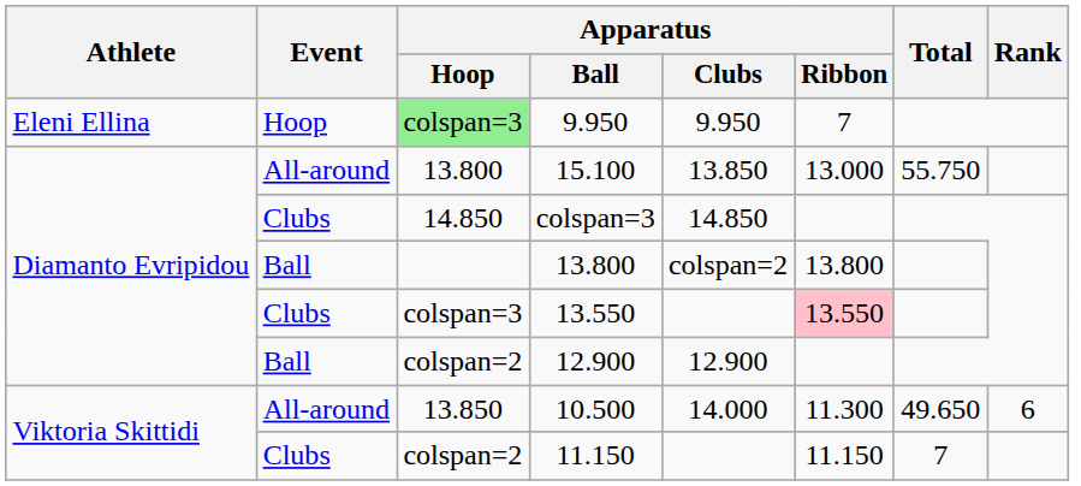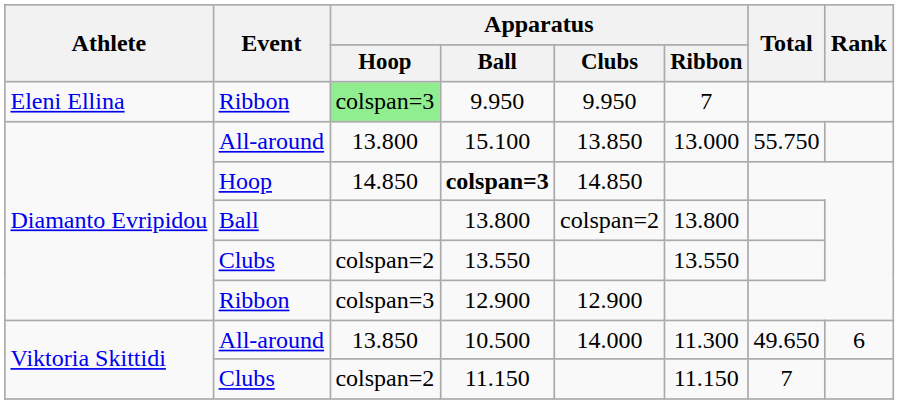 <table class=wikitable style="font-size:90%">
 <tr>
 <th rowspan=2>Athlete</th>
 <th rowspan=2>Event</th>
 <th colspan=4>Apparatus</th>
 <th rowspan=2>Total</th>
 <th rowspan=2>Rank</th>
 </tr>
 <tr style="font-size:95%;">
 <th>Hoop</th>
 <th>Ball</th>
 <th>Clubs</th>
 <th>Ribbon</th>
 </tr>
 <tr align=center>
 <td align=left><a href='#'>Eleni Ellina</a></td>
-<td align=left><a href='#'>Hoop</a></td>
+<td align=left><a href='#'>Ribbon</a></td>
 <td style="background: lightgreen;">colspan=3 </td>
 <td>9.950</td>
 <td>9.950</td>
 <td>7</td>
 </tr>
 <tr align=center>
 <td align=left rowspan=5><a href='#'>Diamanto Evripidou</a></td>
 <td align=left><a href='#'>All-around</a></td>
 <td>13.800</td>
 <td>15.100</td>
 <td>13.850</td>
 <td>13.000</td>
 <td>55.750</td>
 <td></td>
 </tr>
 <tr align=center>
-<td align=left><a href='#'>Clubs</a></td>
+<td align=left><a href='#'>Hoop</a></td>
 <td>14.850</td>
-<td>colspan=3 </td>
+<td><strong>colspan=3 </strong></td>
 <td>14.850</td>
 <td></td>
 </tr>
 <tr align=center>
 <td align=left><a href='#'>Ball</a></td>
 <td></td>
 <td>13.800</td>
 <td>colspan=2 </td>
 <td>13.800</td>
 <td></td>
 </tr>
 <tr align=center>
 <td align=left><a href='#'>Clubs</a></td>
-<td>colspan=3 </td>
+<td>colspan=2 </td>
 <td>13.550</td>
 <td></td>
-<td style="background: pink;">13.550</td>
+<td>13.550</td>
 <td></td>
 </tr>
 <tr align=center>
-<td align=left><a href='#'>Ball</a></td>
-<td>colspan=2 </td>
+<td align=left><a href='#'>Ribbon</a></td>
+<td>colspan=3 </td>
 <td>12.900</td>
 <td>12.900</td>
 <td></td>
 </tr>
 <tr align=center>
 <td align=left rowspan=2><a href='#'>Viktoria Skittidi</a></td>
 <td align=left><a href='#'>All-around</a></td>
 <td>13.850</td>
 <td>10.500</td>
 <td>14.000</td>
 <td>11.300</td>
 <td>49.650</td>
 <td>6</td>
 </tr>
 <tr align=center>
 <td align=left><a href='#'>Clubs</a></td>
 <td>colspan=2 </td>
 <td>11.150</td>
 <td></td>
 <td>11.150</td>
 <td>7</td>
 </tr>
 </table>
